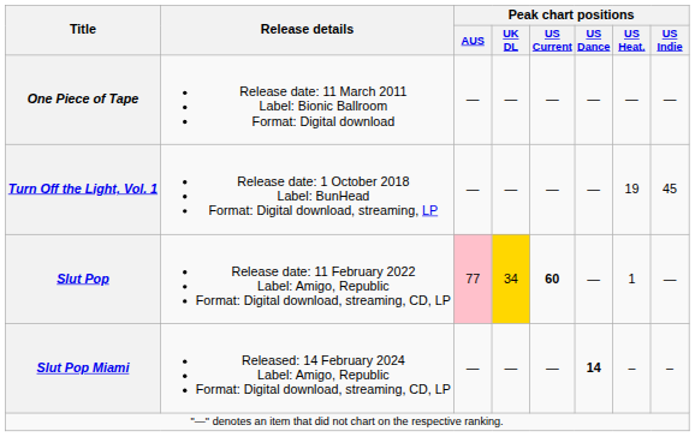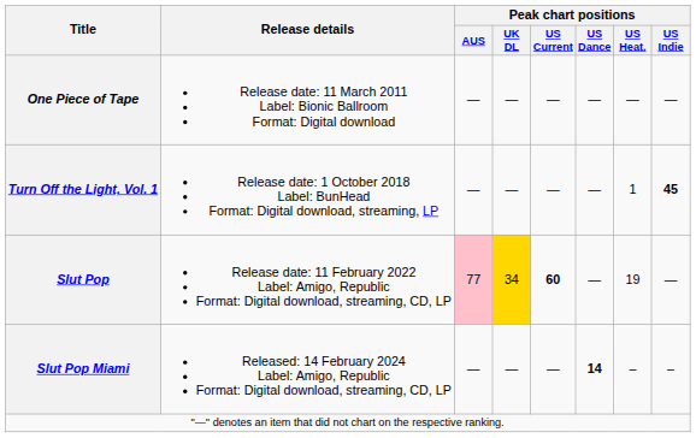 <table class="wikitable plainrowheaders" style="text-align:center;">
 <tr>
 <th scope="col" rowspan="2">Title</th>
 <th scope="col" rowspan="2">Release details</th>
 <th scope="col" colspan="6">Peak chart positions</th>
 </tr>
 <tr>
 <th scope="col" style="width:3em;font-size:85%;"><a href='#'>AUS</a><br></th>
 <th scope="col" style="width:3em;font-size:85%;"><a href='#'>UK<br>DL</a><br></th>
 <th scope="col" style="width:3em;font-size:85%;"><a href='#'>US<br>Current</a><br></th>
 <th scope="col" style="width:3em;font-size:85%;"><a href='#'>US<br>Dance</a><br></th>
 <th scope="col" style="width:3em;font-size:85%;"><a href='#'>US<br>Heat.</a><br></th>
 <th scope="col" style="width:3em;font-size:85%;"><a href='#'>US<br>Indie</a><br></th>
 </tr>
 <tr>
 <th scope="row"><em>One Piece of Tape</em></th>
 <td><br><ul><li>Release date: 11 March 2011</li><li>Label: Bionic Ballroom</li><li>Format: Digital download</li></ul></td>
 <td>—</td>
 <td>—</td>
 <td>—</td>
 <td>—</td>
 <td>—</td>
 <td>—</td>
 </tr>
 <tr>
 <th scope="row"><em><a href='#'>Turn Off the Light, Vol. 1</a></em></th>
 <td><br><ul><li>Release date: 1 October 2018</li><li>Label: BunHead</li><li>Format: Digital download, streaming, <a href='#'>LP</a></li></ul></td>
 <td>—</td>
 <td>—</td>
 <td>—</td>
 <td>—</td>
-<td>19</td>
-<td>45</td>
+<td>1</td>
+<td><strong>45</strong></td>
 </tr>
 <tr>
 <th scope="row"><em><a href='#'>Slut Pop</a></em></th>
 <td><br><ul><li>Release date: 11 February 2022</li><li>Label: Amigo, Republic</li><li>Format: Digital download, streaming, CD, LP</li></ul></td>
 <td style="background: pink;">77</td>
 <td style="background: gold;">34</td>
 <td><strong>60</strong></td>
 <td>—</td>
-<td>1</td>
+<td>19</td>
 <td>—</td>
 </tr>
 <tr>
 <th scope="row"><em><a href='#'>Slut Pop Miami</a></em></th>
 <td><br><ul><li>Released: 14 February 2024</li><li>Label: Amigo, Republic</li><li>Format: Digital download, streaming, CD, LP</li></ul></td>
 <td>—</td>
 <td>—</td>
 <td>—</td>
 <td><strong>14</strong></td>
 <td>–</td>
 <td>–</td>
 </tr>
 <tr>
 <td colspan="18" style="font-size:85%">"—" denotes an item that did not chart on the respective ranking.</td>
 </tr>
 </table>
